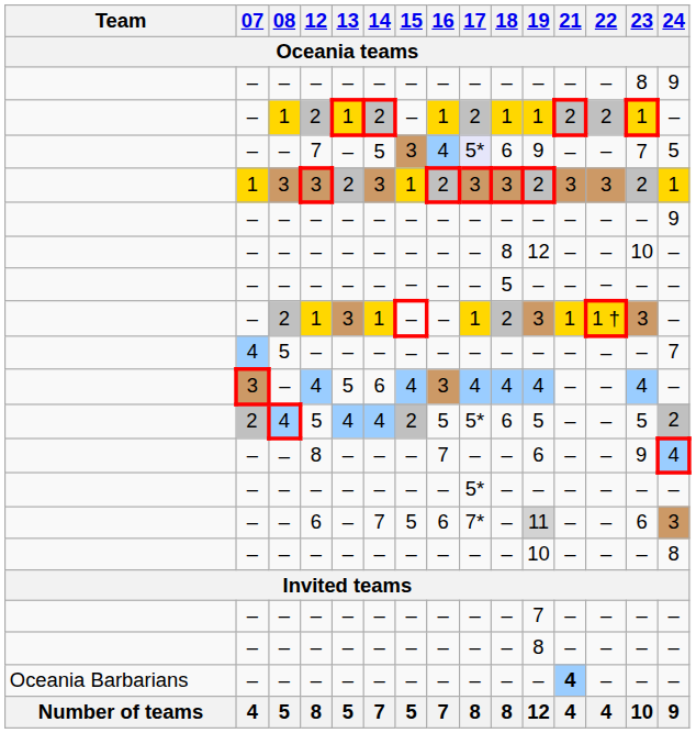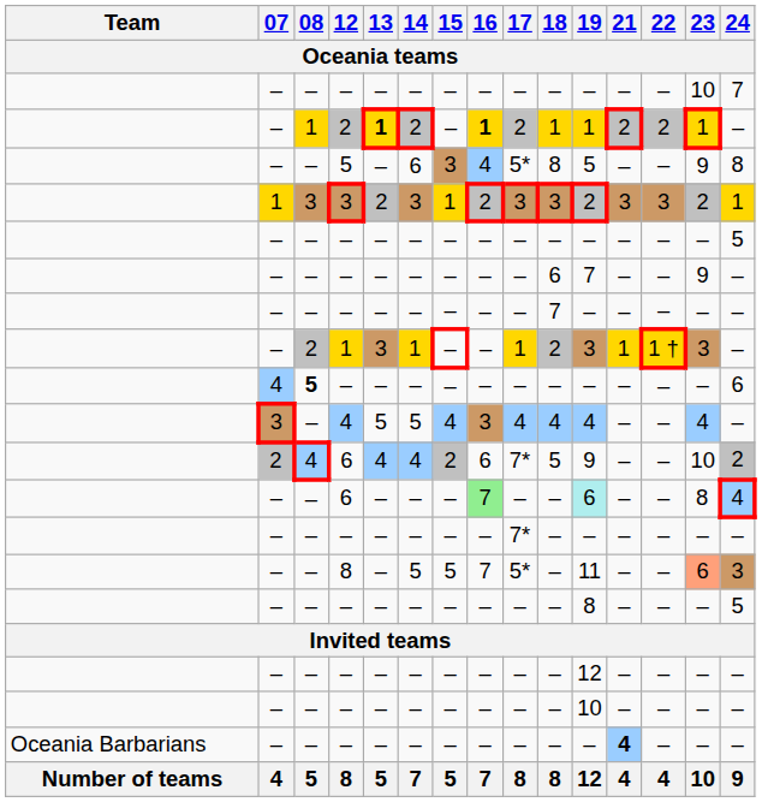 <table class="wikitable" style="text-align:center;">
 <tr>
 <th style="width:11em;">Team</th>
 <th><a href='#'>07</a></th>
 <th><a href='#'>08</a></th>
 <th><a href='#'>12</a></th>
 <th><a href='#'>13</a></th>
 <th><a href='#'>14</a></th>
 <th><a href='#'>15</a></th>
 <th><a href='#'>16</a></th>
 <th><a href='#'>17</a></th>
 <th><a href='#'>18</a></th>
 <th><a href='#'>19</a></th>
 <th><a href='#'>21</a></th>
 <th><a href='#'>22</a></th>
 <th><a href='#'>23</a></th>
 <th><a href='#'>24</a></th>
 </tr>
 <tr>
 <th colspan="15" style="text-align:center; line-height:1;">Oceania teams</th>
 </tr>
 <tr>
 <td align="left"></td>
 <td>–</td>
 <td>–</td>
 <td>–</td>
 <td>–</td>
 <td>–</td>
 <td>–</td>
 <td>–</td>
 <td>–</td>
 <td>–</td>
 <td>–</td>
 <td>–</td>
 <td>–</td>
-<td>8</td>
-<td>9</td>
+<td>10</td>
+<td>7</td>
 </tr>
 <tr>
 <td align="left"></td>
 <td>–</td>
 <td style="background-color:#ffd700;">1</td>
 <td style="background-color:#c0c0c0;">2</td>
-<td style="background-color:#ffd700; border: 3px solid red">1</td>
+<td style="background-color:#ffd700; border: 3px solid red"><strong>1</strong></td>
 <td style="background-color:#c0c0c0; border: 3px solid red">2</td>
 <td>–</td>
-<td style="background-color:#ffd700;">1</td>
+<td style="background-color:#ffd700;"><strong>1</strong></td>
 <td style="background-color:#c0c0c0;">2</td>
 <td style="background-color:#ffd700;">1</td>
 <td style="background-color:#ffd700;">1</td>
 <td style="background-color:#c0c0c0; border: 3px solid red">2</td>
 <td style="background-color:#c0c0c0;">2</td>
 <td style="background-color:#ffd700; border: 3px solid red">1</td>
 <td>–</td>
 </tr>
 <tr>
 <td align="left"></td>
 <td>–</td>
 <td>–</td>
-<td>7</td>
+<td>5</td>
 <td>–</td>
-<td>5</td>
+<td>6</td>
 <td style="background-color:#cc9966;">3</td>
 <td style="background-color:#9acdff;">4</td>
-<td style="background: lavender;">5*</td>
-<td>6</td>
-<td>9</td>
+<td>5*</td>
+<td>8</td>
+<td>5</td>
 <td>–</td>
 <td>–</td>
-<td>7</td>
-<td>5</td>
+<td>9</td>
+<td>8</td>
 </tr>
 <tr>
 <td align="left"></td>
 <td style="background-color:#ffd700;">1</td>
 <td style="background-color:#cc9966;">3</td>
 <td style="background-color:#cc9966; border: 3px solid red">3</td>
 <td style="background-color:#c0c0c0;">2</td>
 <td style="background-color:#cc9966;">3</td>
 <td style="background-color:#ffd700;">1</td>
 <td style="background-color:#c0c0c0; border: 3px solid red">2</td>
 <td style="background-color:#cc9966; border: 3px solid red">3</td>
 <td style="background-color:#cc9966; border: 3px solid red">3</td>
 <td style="background-color:#c0c0c0; border: 3px solid red">2</td>
 <td style="background-color:#cc9966;">3</td>
 <td style="background-color:#cc9966;">3</td>
 <td style="background-color:#c0c0c0;">2</td>
 <td style="background-color:#ffd700;">1</td>
 </tr>
 <tr>
 <td align="left"></td>
 <td>–</td>
 <td>–</td>
 <td>–</td>
 <td>–</td>
 <td>–</td>
 <td>–</td>
 <td>–</td>
 <td>–</td>
 <td>–</td>
 <td>–</td>
 <td>–</td>
 <td>–</td>
 <td>–</td>
-<td>9</td>
+<td>5</td>
 </tr>
 <tr>
 <td align="left"></td>
 <td>–</td>
 <td>–</td>
 <td>–</td>
 <td>–</td>
 <td>–</td>
 <td>–</td>
 <td>–</td>
 <td>–</td>
-<td>8</td>
-<td>12</td>
+<td>6</td>
+<td>7</td>
 <td>–</td>
 <td>–</td>
-<td>10</td>
+<td>9</td>
 <td>–</td>
 </tr>
 <tr>
 <td align="left"></td>
 <td>–</td>
 <td>–</td>
 <td>–</td>
 <td>–</td>
 <td>–</td>
 <td>–</td>
 <td>–</td>
 <td>–</td>
-<td>5</td>
+<td>7</td>
 <td>–</td>
 <td>–</td>
 <td>–</td>
 <td>–</td>
 <td>–</td>
 </tr>
 <tr>
 <td align="left"></td>
 <td>–</td>
 <td style="background-color:#c0c0c0;">2</td>
 <td style="background-color:#ffd700;">1</td>
 <td style="background-color:#cc9966;">3</td>
 <td style="background-color:#ffd700;">1</td>
 <td style="border: 3px solid red">–</td>
 <td>–</td>
 <td style="background-color:#ffd700;">1</td>
 <td style="background-color:#c0c0c0;">2</td>
 <td style="background-color:#cc9966;">3</td>
 <td style="background-color:#ffd700;">1</td>
 <td style="background-color:#ffd700; border: 3px solid red">1 †</td>
 <td style="background-color:#cc9966;">3</td>
 <td>–</td>
 </tr>
 <tr>
 <td align="left"></td>
 <td style="background-color:#9acdff;">4</td>
-<td>5</td>
+<td><strong>5</strong></td>
 <td>–</td>
 <td>–</td>
 <td>–</td>
 <td>–</td>
 <td>–</td>
 <td>–</td>
 <td>–</td>
 <td>–</td>
 <td>–</td>
 <td>–</td>
 <td>–</td>
-<td>7</td>
+<td>6</td>
 </tr>
 <tr>
 <td align="left"></td>
 <td style="background-color:#cc9966; border: 3px solid red">3</td>
 <td>–</td>
 <td style="background-color:#9acdff;">4</td>
 <td>5</td>
-<td>6</td>
+<td>5</td>
 <td style="background-color:#9acdff;">4</td>
 <td style="background-color:#cc9966;">3</td>
 <td style="background-color:#9acdff;">4</td>
 <td style="background-color:#9acdff;">4</td>
 <td style="background-color:#9acdff;">4</td>
 <td>–</td>
 <td>–</td>
 <td style="background-color:#9acdff;">4</td>
 <td>–</td>
 </tr>
 <tr>
 <td align="left"></td>
 <td style="background-color:#c0c0c0;">2</td>
 <td style="background-color:#9acdff; border: 3px solid red">4</td>
-<td>5</td>
+<td>6</td>
 <td style="background-color:#9acdff;">4</td>
 <td style="background-color:#9acdff;">4</td>
 <td style="background-color:#c0c0c0;">2</td>
+<td>6</td>
+<td>7*</td>
 <td>5</td>
-<td>5*</td>
-<td>6</td>
-<td>5</td>
+<td>9</td>
 <td>–</td>
 <td>–</td>
-<td>5</td>
+<td>10</td>
 <td style="background-color:#c0c0c0;">2</td>
 </tr>
 <tr>
 <td align="left"></td>
 <td>–</td>
 <td>–</td>
-<td>8</td>
+<td>6</td>
 <td>–</td>
 <td>–</td>
 <td>–</td>
-<td>7</td>
+<td style="background: lightgreen;">7</td>
 <td>–</td>
 <td>–</td>
-<td>6</td>
+<td style="background: paleturquoise;">6</td>
 <td>–</td>
 <td>–</td>
-<td>9</td>
+<td>8</td>
 <td style="background-color:#9acdff; border: 3px solid red">4</td>
 </tr>
 <tr>
 <td align="left"></td>
 <td>–</td>
 <td>–</td>
 <td>–</td>
 <td>–</td>
 <td>–</td>
 <td>–</td>
 <td>–</td>
-<td>5*</td>
+<td>7*</td>
 <td>–</td>
 <td>–</td>
 <td>–</td>
 <td>–</td>
 <td>–</td>
 <td>–</td>
 </tr>
 <tr>
 <td align="left"></td>
 <td>–</td>
 <td>–</td>
-<td>6</td>
+<td>8</td>
 <td>–</td>
+<td>5</td>
+<td>5</td>
 <td>7</td>
-<td>5</td>
-<td>6</td>
-<td>7*</td>
+<td>5*</td>
 <td>–</td>
-<td style="background: lightgrey;">11</td>
+<td>11</td>
 <td>–</td>
 <td>–</td>
-<td>6</td>
+<td style="background: lightsalmon;">6</td>
 <td style="background-color:#cc9966;">3</td>
 </tr>
 <tr>
 <td align="left"></td>
 <td>–</td>
 <td>–</td>
 <td>–</td>
 <td>–</td>
 <td>–</td>
 <td>–</td>
 <td>–</td>
 <td>–</td>
 <td>–</td>
-<td>10</td>
+<td>8</td>
 <td>–</td>
 <td>–</td>
 <td>–</td>
-<td>8</td>
+<td>5</td>
 </tr>
 <tr>
 <th colspan="15" style="text-align:center; line-height:1;">Invited teams</th>
 </tr>
 <tr>
 <td align="left"></td>
 <td>–</td>
 <td>–</td>
 <td>–</td>
 <td>–</td>
 <td>–</td>
 <td>–</td>
 <td>–</td>
 <td>–</td>
 <td>–</td>
-<td>7</td>
+<td>12</td>
 <td>–</td>
 <td>–</td>
 <td>–</td>
 <td>–</td>
 </tr>
 <tr>
 <td align="left"></td>
 <td>–</td>
 <td>–</td>
 <td>–</td>
 <td>–</td>
 <td>–</td>
 <td>–</td>
 <td>–</td>
 <td>–</td>
 <td>–</td>
-<td>8</td>
+<td>10</td>
 <td>–</td>
 <td>–</td>
 <td>–</td>
 <td>–</td>
 </tr>
 <tr>
 <td align="left">Oceania Barbarians</td>
 <td>–</td>
 <td>–</td>
 <td>–</td>
 <td>–</td>
 <td>–</td>
 <td>–</td>
 <td>–</td>
 <td>–</td>
 <td>–</td>
 <td>–</td>
 <td style="background-color:#9acdff;"><strong>4</strong></td>
 <td>–</td>
 <td>–</td>
 <td>–</td>
 </tr>
 <tr>
 <th>Number of teams</th>
 <th>4</th>
 <th>5</th>
 <th>8</th>
 <th>5</th>
 <th>7</th>
 <th>5</th>
 <th>7</th>
 <th>8</th>
 <th>8</th>
 <th>12</th>
 <th>4</th>
 <th>4</th>
 <th>10</th>
 <th>9</th>
 </tr>
 </table>
